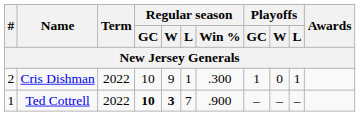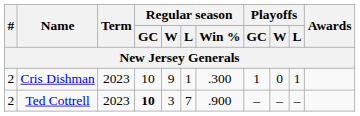 <table class="wikitable" style="text-align:center">
 <tr>
 <th rowspan="2">#</th>
 <th rowspan="2">Name</th>
 <th rowspan="2">Term</th>
 <th colspan="4">Regular season</th>
 <th colspan="3">Playoffs</th>
 <th rowspan="2">Awards</th>
 </tr>
 <tr>
 <th>GC</th>
 <th>W</th>
 <th>L</th>
 <th>Win %</th>
 <th>GC</th>
 <th>W</th>
 <th>L</th>
 </tr>
 <tr>
 <th colspan="11">New Jersey Generals</th>
 </tr>
 <tr>
 <td>2</td>
 <td><a href='#'>Cris Dishman</a></td>
-<td>2022</td>
+<td>2023</td>
 <td>10</td>
 <td>9</td>
 <td>1</td>
 <td>.300</td>
 <td>1</td>
 <td>0</td>
 <td>1</td>
 <td></td>
 </tr>
 <tr>
-<td>1</td>
+<td>2</td>
 <td><a href='#'>Ted Cottrell</a></td>
-<td>2022</td>
+<td>2023</td>
 <td><strong>10</strong></td>
-<td><strong>3</strong></td>
+<td>3</td>
 <td>7</td>
 <td>.900</td>
 <td>–</td>
 <td>–</td>
 <td>–</td>
 <td></td>
 </tr>
 </table>
